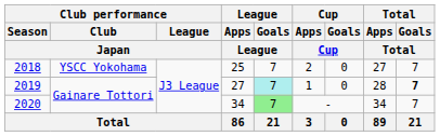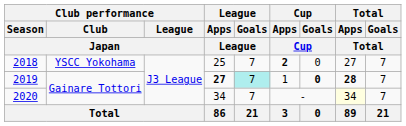 <table class="wikitable" style="text-align:center;">
 <tr>
 <th colspan=3>Club performance</th>
 <th colspan=2>League</th>
 <th colspan=2>Cup</th>
 <th colspan=2>Total</th>
 </tr>
 <tr>
 <th>Season</th>
 <th>Club</th>
 <th>League</th>
 <th>Apps</th>
 <th>Goals</th>
 <th>Apps</th>
 <th>Goals</th>
 <th>Apps</th>
 <th>Goals</th>
 </tr>
 <tr>
 <th colspan=3>Japan</th>
 <th colspan=2>League</th>
 <th colspan=2><a href='#'>Cup</a></th>
 <th colspan=2>Total</th>
 </tr>
 <tr>
 <td><a href='#'>2018</a></td>
 <td rowspan="1"><a href='#'>YSCC Yokohama</a></td>
 <td rowspan="3"><a href='#'>J3 League</a></td>
 <td>25</td>
 <td>7</td>
-<td>2</td>
+<td><strong>2</strong></td>
 <td>0</td>
 <td>27</td>
 <td>7</td>
 </tr>
 <tr>
 <td><a href='#'>2019</a></td>
 <td rowspan="2"><a href='#'>Gainare Tottori</a></td>
-<td>27</td>
+<td><strong>27</strong></td>
 <td style="background: paleturquoise;">7</td>
 <td>1</td>
-<td>0</td>
-<td>28</td>
-<td><strong>7</strong></td>
+<td><strong>0</strong></td>
+<td><strong>28</strong></td>
+<td>7</td>
 </tr>
 <tr>
 <td><a href='#'>2020</a></td>
 <td>34</td>
-<td style="background: lightgreen;">7</td>
+<td>7</td>
 <td colspan="2">-</td>
-<td>34</td>
+<td style="background: lightyellow;">34</td>
 <td>7</td>
 </tr>
 <tr>
 <th colspan=3>Total</th>
 <th>86</th>
 <th>21</th>
 <th>3</th>
 <th>0</th>
 <th>89</th>
 <th>21</th>
 </tr>
 </table>
